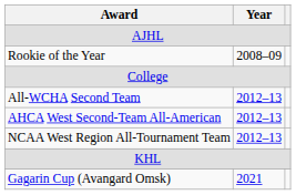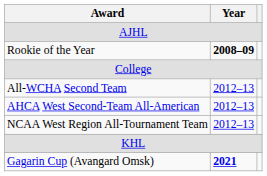 <table class="wikitable">
 <tr>
 <th>Award</th>
 <th>Year</th>
 <th></th>
 </tr>
 <tr ALIGN="center" bgcolor="#e0e0e0">
 <td colspan="3"><a href='#'>AJHL</a></td>
 </tr>
 <tr>
 <td>Rookie of the Year</td>
-<td>2008–09</td>
+<td><strong>2008–09</strong></td>
 <td></td>
 </tr>
 <tr ALIGN="center" bgcolor="#e0e0e0">
 <td colspan="3"><a href='#'>College</a></td>
 </tr>
 <tr>
 <td>All-<a href='#'>WCHA</a> <a href='#'>Second Team</a></td>
 <td><a href='#'>2012–13</a></td>
 <td></td>
 </tr>
 <tr>
 <td><a href='#'>AHCA</a> <a href='#'>West Second-Team All-American</a></td>
 <td><a href='#'>2012–13</a></td>
 <td></td>
 </tr>
 <tr>
 <td>NCAA West Region All-Tournament Team</td>
 <td><a href='#'>2012–13</a></td>
 <td></td>
 </tr>
 <tr ALIGN="center" bgcolor="#e0e0e0">
 <td colspan="3"><a href='#'>KHL</a></td>
 </tr>
 <tr>
 <td><a href='#'>Gagarin Cup</a> (Avangard Omsk)</td>
-<td><a href='#'>2021</a></td>
+<td><strong><a href='#'>2021</a></strong></td>
 <td></td>
 </tr>
 </table>
